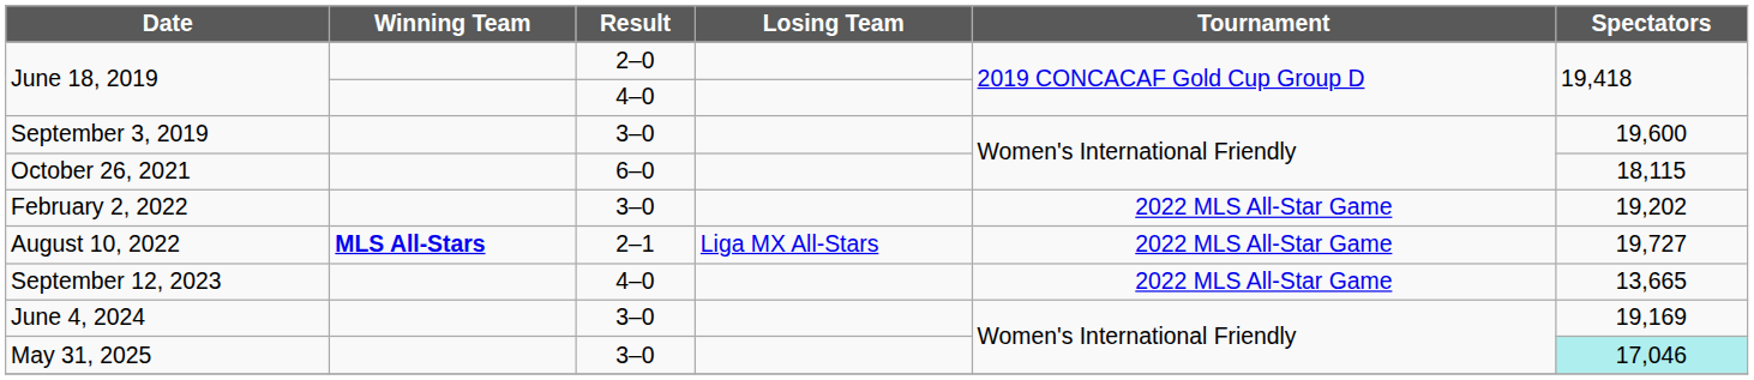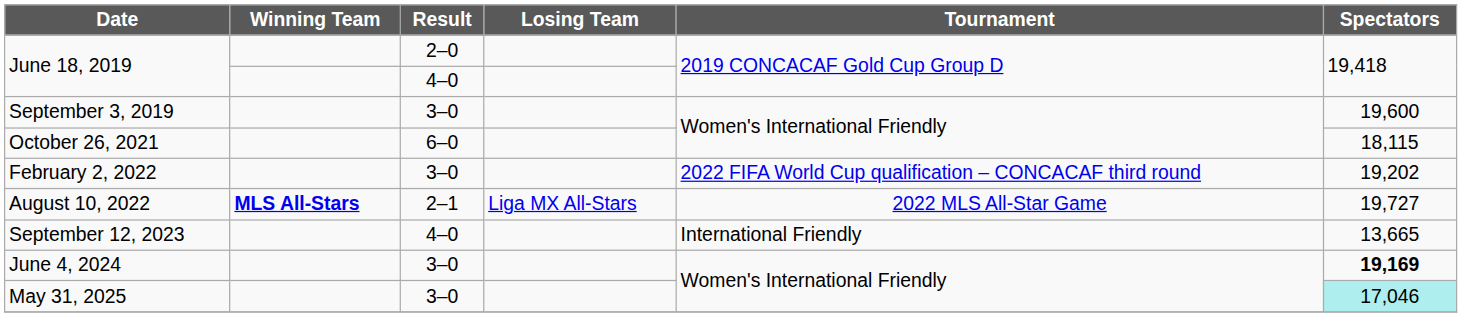 <table class="wikitable" style="text-align:left; width:95%;" style="text-align:center">
 <tr>
 <th style="text-align:center;  background:#585958; color:#FFFFFF; ">Date</th>
 <th style="text-align:center;  background:#585958; color:#FFFFFF; ">Winning Team</th>
 <th style="text-align:center;  background:#585958; color:#FFFFFF; ">Result</th>
 <th style="text-align:center;  background:#585958; color:#FFFFFF; ">Losing Team</th>
 <th style="text-align:center;  background:#585958; color:#FFFFFF; ">Tournament</th>
 <th style="text-align:center;  background:#585958; color:#FFFFFF; ">Spectators</th>
 </tr>
 <tr>
 <td rowspan="2">June 18, 2019</td>
 <td><strong></strong></td>
 <td style="text-align:center;">2–0</td>
 <td></td>
 <td rowspan="2"><a href='#'>2019 CONCACAF Gold Cup Group D</a></td>
 <td rowspan=2 style"text-align:center;">19,418</td>
 </tr>
 <tr>
 <td><strong></strong></td>
 <td style="text-align:center;">4–0</td>
 <td></td>
 </tr>
 <tr>
 <td>September 3, 2019</td>
 <td><strong></strong></td>
 <td style="text-align:center;">3–0</td>
 <td></td>
 <td rowspan="2">Women's International Friendly</td>
 <td style="text-align:center;">19,600</td>
 </tr>
 <tr>
 <td>October 26, 2021</td>
 <td><strong></strong></td>
 <td style="text-align:center;">6–0</td>
 <td></td>
 <td style="text-align:center;">18,115</td>
 </tr>
 <tr>
 <td>February 2, 2022</td>
 <td><strong></strong></td>
 <td style="text-align:center;">3–0</td>
 <td></td>
-<td style="text-align:center;"><a href='#'>2022 MLS All-Star Game</a></td>
+<td><a href='#'>2022 FIFA World Cup qualification – CONCACAF third round</a></td>
 <td style="text-align:center;">19,202</td>
 </tr>
 <tr>
 <td>August 10, 2022</td>
 <td>  <strong><a href='#'>MLS All-Stars</a></strong></td>
 <td style=text-align:center;>2–1</td>
 <td> <a href='#'>Liga MX All-Stars</a></td>
 <td style="text-align:center;"><a href='#'>2022 MLS All-Star Game</a></td>
 <td style="text-align:center;">19,727</td>
 </tr>
 <tr>
 <td>September 12, 2023</td>
 <td><strong></strong></td>
 <td style="text-align:center;">4–0</td>
 <td></td>
-<td style="text-align:center;"><a href='#'>2022 MLS All-Star Game</a></td>
+<td>International Friendly</td>
 <td style="text-align:center;">13,665</td>
 </tr>
 <tr>
 <td>June 4, 2024</td>
 <td><strong></strong></td>
 <td style="text-align:center;">3–0</td>
 <td></td>
 <td rowspan="2">Women's International Friendly</td>
-<td style="text-align:center;">19,169</td>
+<td style="text-align:center;"><strong>19,169</strong></td>
 </tr>
 <tr>
 <td>May 31, 2025</td>
 <td><strong></strong></td>
 <td style="text-align:center;">3–0</td>
 <td></td>
 <td style="background: paleturquoise; text-align:center;">17,046</td>
 </tr>
 <tr>
 </tr>
 </table>
